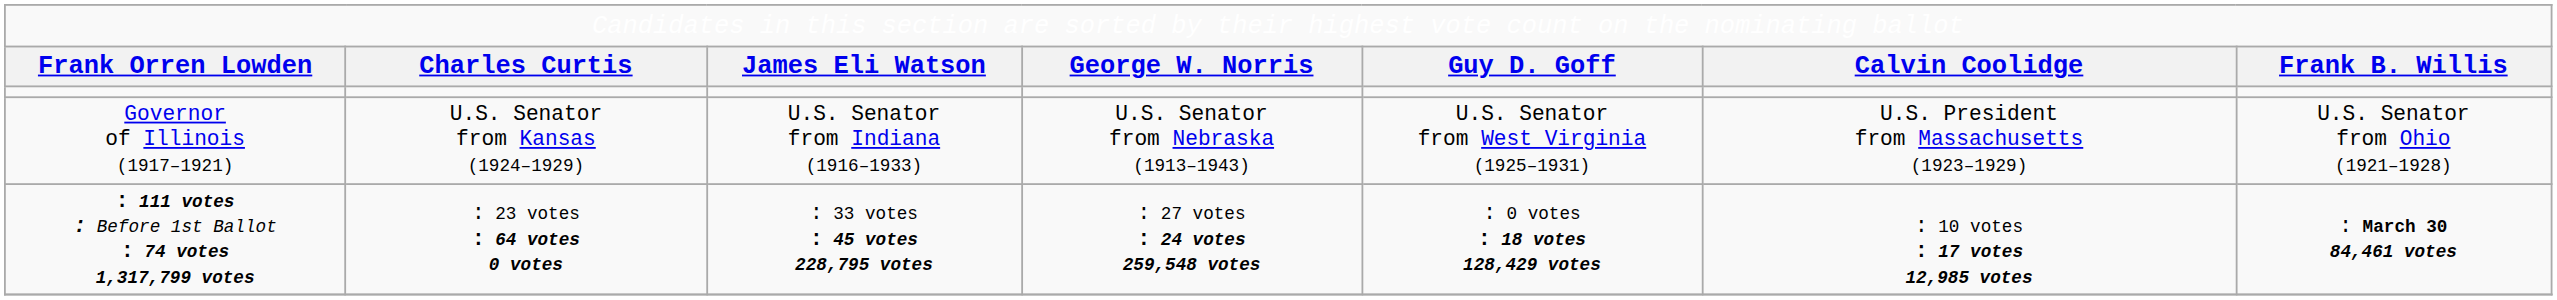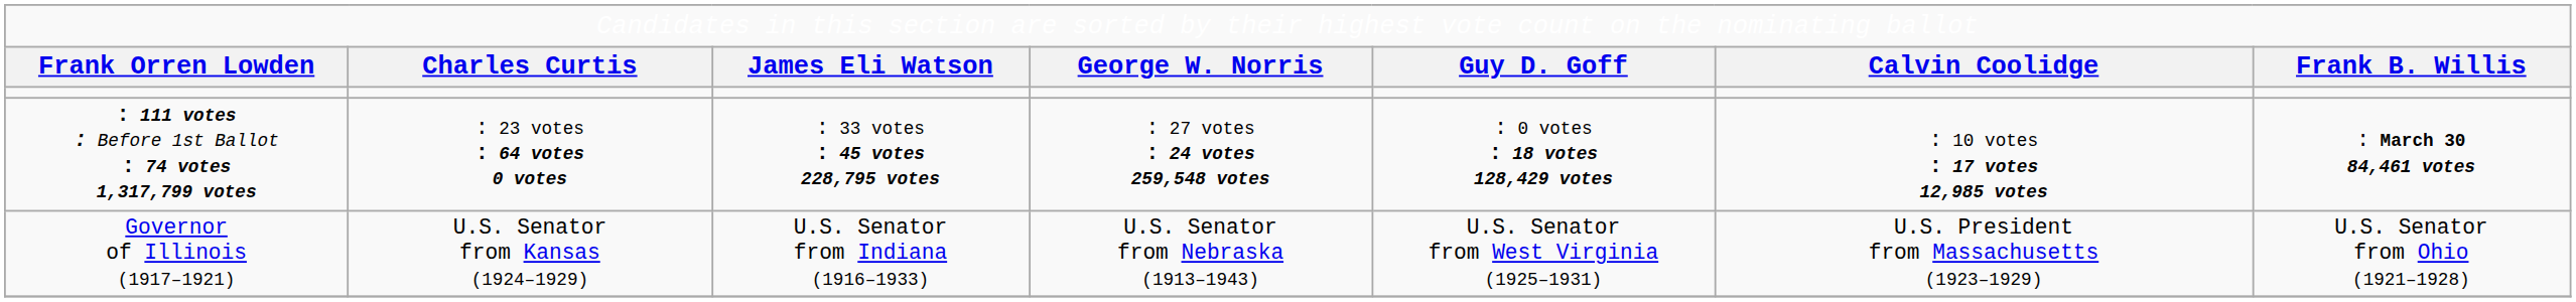 <table class="wikitable" style="font-size:90%">
 <tr>
 <td colspan="7" style="text-align:center; width:1400px; font-size:120%; color:white; background:"><em>Candidates in this section are sorted by their highest vote count on the nominating ballot</em></td>
 </tr>
 <tr>
 <th scope="col" style="width:3em; font-size:120%;"><a href='#'>Frank Orren Lowden</a></th>
 <th scope="col" style="width:3em; font-size:120%;"><a href='#'>Charles Curtis</a></th>
 <th scope="col" style="width:3em; font-size:120%;"><a href='#'>James Eli Watson</a></th>
 <th scope="col" style="width:3em; font-size:120%;"><a href='#'>George W. Norris</a></th>
 <th scope="col" style="width:3em; font-size:120%;"><a href='#'>Guy D. Goff</a></th>
 <th scope="col" style="width:3em; font-size:120%;"><a href='#'>Calvin Coolidge</a></th>
 <th scope="col" style="width:3em; font-size:120%;"><a href='#'>Frank B. Willis</a></th>
 </tr>
 <tr>
 <td></td>
 <td></td>
 <td></td>
 <td></td>
 <td></td>
 <td></td>
 <td></td>
 </tr>
 <tr style="text-align:center">
+<td><strong>:<strong><em><small> 111 votes</small><em><br></strong>:</em></strong><small> Before 1st Ballot</small></em><br><strong>:<strong><em><small> 74 votes</small><em><br><small>1,317,799 votes</small></td>
+<td></strong>:</em></strong><small> 23 votes</small></em><br><strong>:<strong><em><small> 64 votes</small><em><br><small>0 votes</small></td>
+<td></strong>:</em></strong><small> 33 votes</small></em><br><strong>:<strong><em><small> 45 votes</small><em><br><small>228,795 votes</small></td>
+<td></strong>:</em></strong><small> 27 votes</small></em><br><strong>:<strong><em><small> 24 votes</small><em><br><small>259,548 votes</small></td>
+<td></strong>:</em></strong><small> 0 votes</small></em><br><strong>:<strong><em><small> 18 votes</small><em><br><small>128,429 votes</small></td>
+<td></strong><strong><br></strong>:</em></strong><small> 10 votes</small></em><br><strong>:<strong><em><small> 17 votes</small><em><br><small>12,985 votes</small></td>
+<td></strong>:<strong><small> </em>March 30<em></small><br><small>84,461 votes</small></td>
+</tr>
+<tr style="text-align:center">
 <td><a href='#'>Governor</a><br>of <a href='#'>Illinois</a><br><small>(1917–1921)</small></td>
 <td>U.S. Senator<br>from <a href='#'>Kansas</a><br><small>(1924–1929)</small></td>
 <td>U.S. Senator<br>from <a href='#'>Indiana</a><br><small>(1916–1933)</small></td>
 <td>U.S. Senator<br>from <a href='#'>Nebraska</a><br><small>(1913–1943)</small></td>
 <td>U.S. Senator<br>from <a href='#'>West Virginia</a><br><small>(1925–1931)</small></td>
 <td>U.S. President<br>from <a href='#'>Massachusetts</a><br><small>(1923–1929)</small></td>
 <td>U.S. Senator<br>from <a href='#'>Ohio</a><br><small>(1921–1928)</small></td>
 </tr>
-<tr style="text-align:center">
-<td><strong>:<strong><em><small> 111 votes</small><em><br></strong>:</em></strong><small> Before 1st Ballot</small></em><br><strong>:<strong><em><small> 74 votes</small><em><br><small>1,317,799 votes</small></td>
-<td></strong>:</em></strong><small> 23 votes</small></em><br><strong>:<strong><em><small> 64 votes</small><em><br><small>0 votes</small></td>
-<td></strong>:</em></strong><small> 33 votes</small></em><br><strong>:<strong><em><small> 45 votes</small><em><br><small>228,795 votes</small></td>
-<td></strong>:</em></strong><small> 27 votes</small></em><br><strong>:<strong><em><small> 24 votes</small><em><br><small>259,548 votes</small></td>
-<td></strong>:</em></strong><small> 0 votes</small></em><br><strong>:<strong><em><small> 18 votes</small><em><br><small>128,429 votes</small></td>
-<td></strong><strong><br></strong>:</em></strong><small> 10 votes</small></em><br><strong>:<strong><em><small> 17 votes</small><em><br><small>12,985 votes</small></td>
-<td></strong>:<strong><small> </em>March 30<em></small><br><small>84,461 votes</small></td>
-</tr>
 <tr>
 </tr>
 </table>
